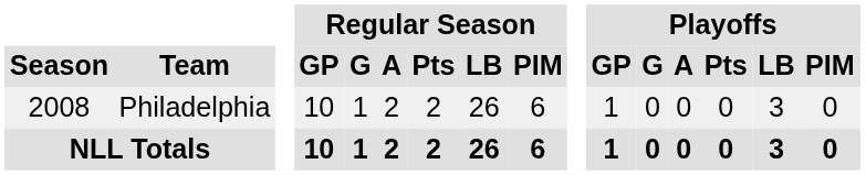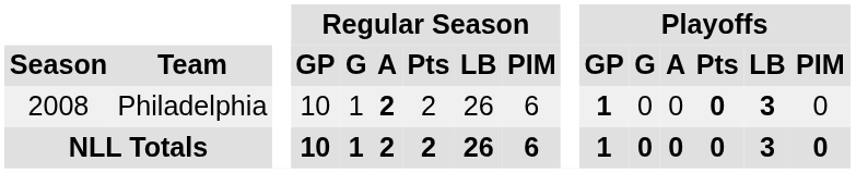 <table BORDER="0" CELLPADDING="3" CELLSPACING="0">
 <tr ALIGN="center" bgcolor="#e0e0e0">
 <th colspan="2" bgcolor="#ffffff"> </th>
 <th rowspan="99" bgcolor="#ffffff"> </th>
 <th colspan="6">Regular Season</th>
 <th rowspan="99" bgcolor="#ffffff"> </th>
 <th colspan="6">Playoffs</th>
 </tr>
 <tr ALIGN="center" bgcolor="#e0e0e0">
 <th>Season</th>
 <th>Team</th>
 <th>GP</th>
 <th>G</th>
 <th>A</th>
 <th>Pts</th>
 <th>LB</th>
 <th>PIM</th>
 <th>GP</th>
 <th>G</th>
 <th>A</th>
 <th>Pts</th>
 <th>LB</th>
 <th>PIM</th>
 </tr>
 <tr ALIGN="center" bgcolor="#f0f0f0">
 <td>2008</td>
 <td>Philadelphia</td>
 <td>10</td>
 <td>1</td>
-<td>2</td>
+<td><strong>2</strong></td>
 <td>2</td>
 <td>26</td>
 <td>6</td>
-<td>1</td>
+<td><strong>1</strong></td>
 <td>0</td>
 <td>0</td>
-<td>0</td>
-<td>3</td>
+<td><strong>0</strong></td>
+<td><strong>3</strong></td>
 <td>0</td>
 </tr>
 <tr ALIGN="center" bgcolor="#e0e0e0">
 <th colspan="2">NLL Totals</th>
 <th>10</th>
 <th>1</th>
 <th>2</th>
 <th>2</th>
 <th>26</th>
 <th>6</th>
 <th>1</th>
 <th>0</th>
 <th>0</th>
 <th>0</th>
 <th>3</th>
 <th>0</th>
 </tr>
 </table>
